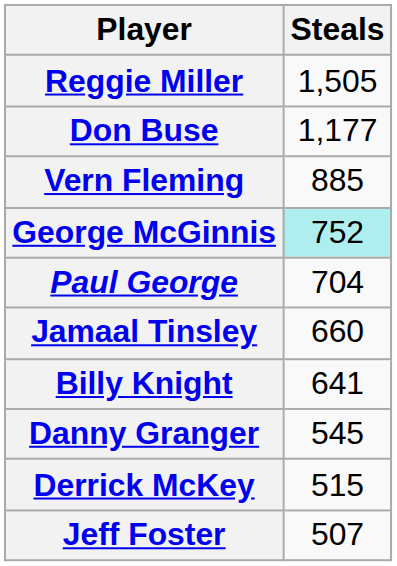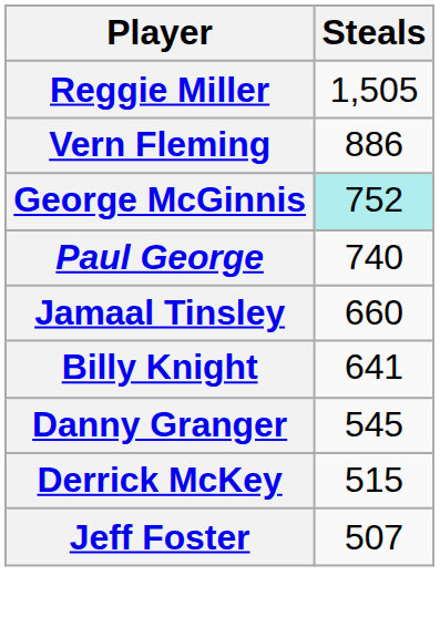 <table class="wikitable sortable plainrowheaders" style="text-align:center">
 <tr>
 <th scope="col" style="text-align:center; ">Player</th>
 <th scope="col" style="text-align:center; ">Steals</th>
 </tr>
 <tr>
 <th scope="row"><a href='#'>Reggie Miller</a></th>
 <td>1,505</td>
 </tr>
 <tr>
-<th scope="row"><a href='#'>Don Buse</a></th>
-<td>1,177</td>
-</tr>
-<tr>
 <th scope="row"><a href='#'>Vern Fleming</a></th>
-<td>885</td>
+<td>886</td>
 </tr>
 <tr>
 <th scope="row"><a href='#'>George McGinnis</a></th>
 <td style="background: paleturquoise;">752</td>
 </tr>
 <tr>
 <th scope="row"><em><a href='#'>Paul George</a></em></th>
-<td>704</td>
+<td>740</td>
 </tr>
 <tr>
 <th scope="row"><a href='#'>Jamaal Tinsley</a></th>
 <td>660</td>
 </tr>
 <tr>
 <th scope="row"><a href='#'>Billy Knight</a></th>
 <td>641</td>
 </tr>
 <tr>
 <th scope="row"><a href='#'>Danny Granger</a></th>
 <td>545</td>
 </tr>
 <tr>
 <th scope="row"><a href='#'>Derrick McKey</a></th>
 <td>515</td>
 </tr>
 <tr>
 <th scope="row"><a href='#'>Jeff Foster</a></th>
 <td>507</td>
 </tr>
 </table>
